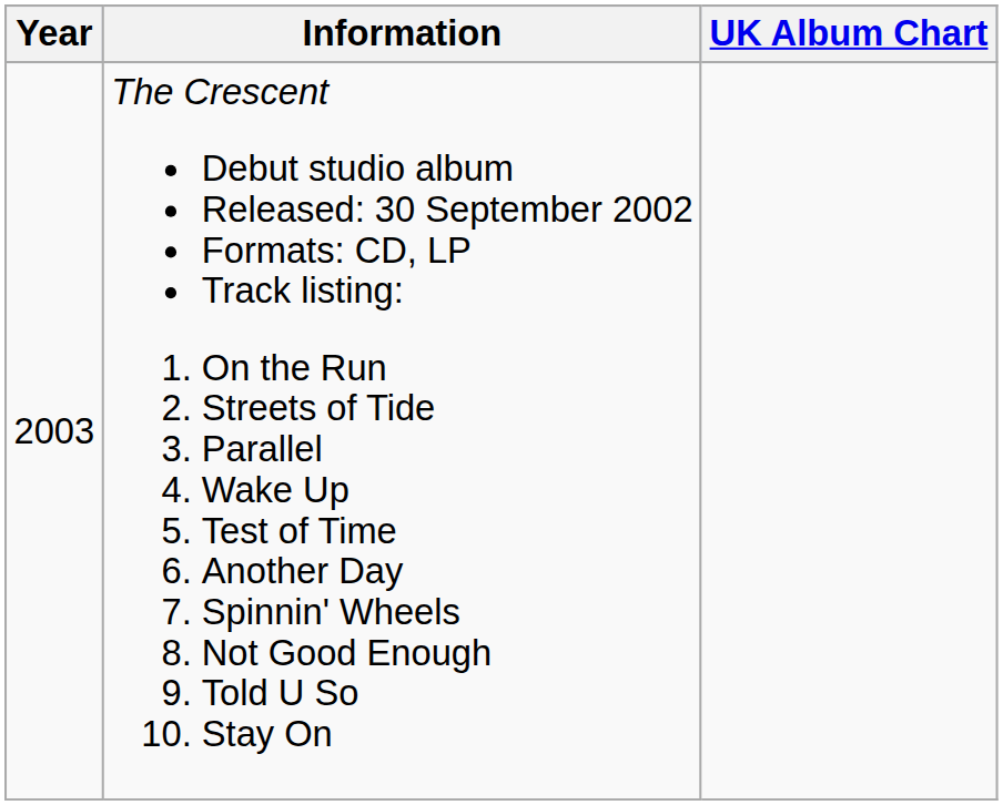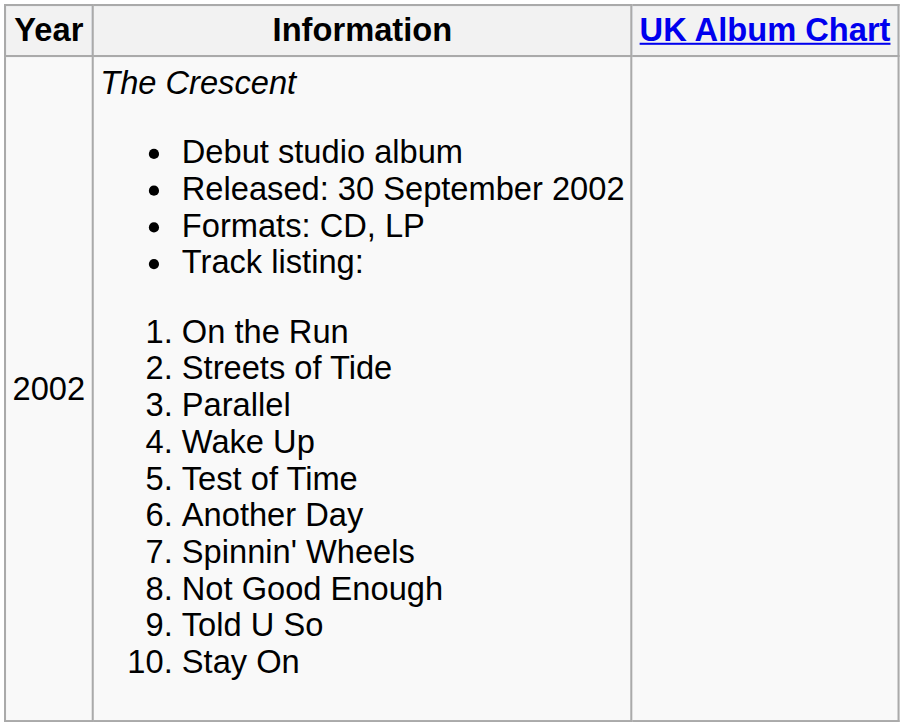 <table class="wikitable">
 <tr style="background:#b0c4de; text-align:center;">
 <th>Year</th>
 <th>Information</th>
 <th><a href='#'>UK Album Chart</a></th>
 </tr>
 <tr>
-<td>2003</td>
+<td>2002</td>
 <td><em>The Crescent</em><br><ul><li>Debut studio album</li><li>Released: 30 September 2002</li><li>Formats: CD, LP</li><li>Track listing:</li></ul><ol><li>On the Run</li><li>Streets of Tide</li><li>Parallel</li><li>Wake Up</li><li>Test of Time</li><li>Another Day</li><li>Spinnin' Wheels</li><li>Not Good Enough</li><li>Told U So</li><li>Stay On</li></ol></td>
 <td></td>
 </tr>
 </table>
